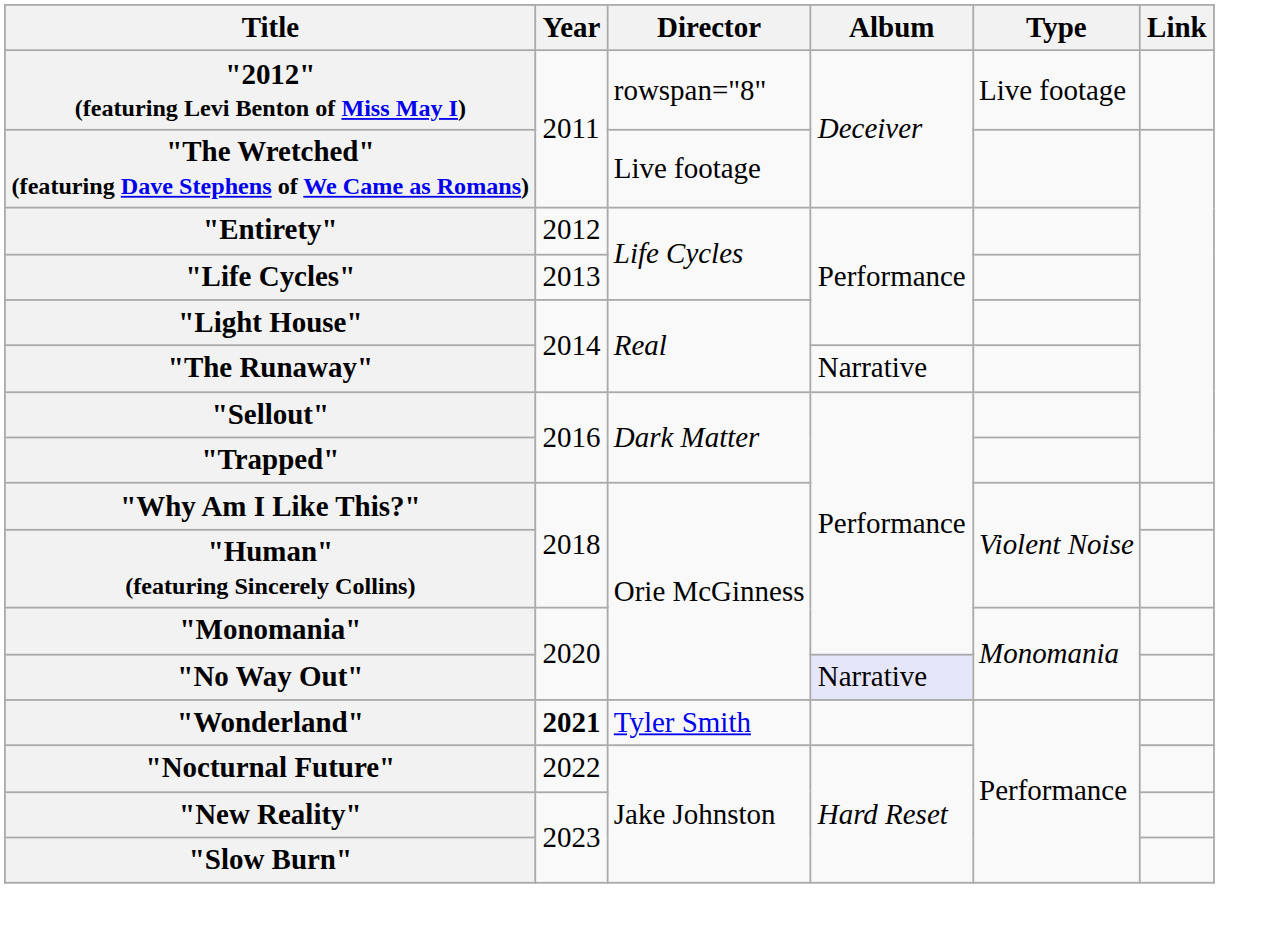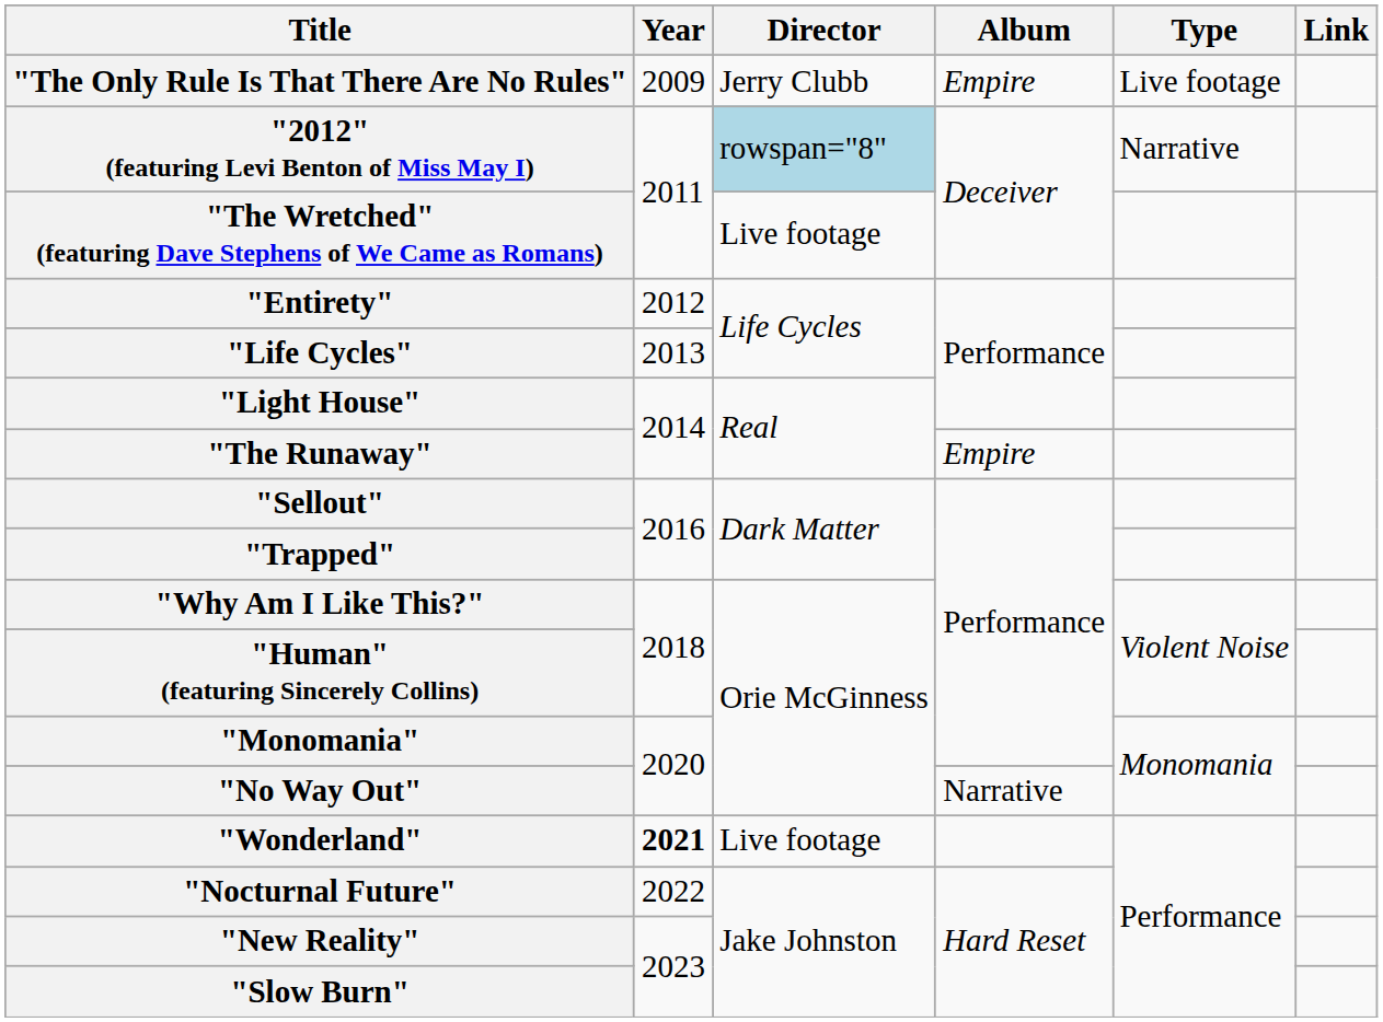 <table class="wikitable plainrowheaders">
 <tr>
 <th>Title</th>
 <th>Year</th>
 <th>Director</th>
 <th>Album</th>
 <th>Type</th>
 <th>Link</th>
 </tr>
 <tr>
+<th scope="row">"The Only Rule Is That There Are No Rules"</th>
+<td>2009</td>
+<td>Jerry Clubb</td>
+<td><em>Empire</em></td>
+<td>Live footage</td>
+<td></td>
+</tr>
+<tr>
 <th scope="row">"2012"<br><small>(featuring Levi Benton of <a href='#'>Miss May I</a>)</small></th>
 <td rowspan="2">2011</td>
-<td>rowspan="8" </td>
+<td style="background: lightblue;">rowspan="8" </td>
 <td rowspan="2"><em>Deceiver</em></td>
-<td>Live footage</td>
+<td>Narrative</td>
 <td></td>
 </tr>
 <tr>
 <th scope="row">"The Wretched"<br><small>(featuring <a href='#'>Dave Stephens</a> of <a href='#'>We Came as Romans</a>)</small></th>
 <td>Live footage</td>
 <td></td>
 </tr>
 <tr>
 <th scope="row">"Entirety"</th>
 <td>2012</td>
 <td rowspan="2"><em>Life Cycles</em></td>
 <td rowspan="3">Performance</td>
 <td></td>
 </tr>
 <tr>
 <th scope="row">"Life Cycles"</th>
 <td>2013</td>
 <td></td>
 </tr>
 <tr>
 <th scope="row">"Light House"</th>
 <td rowspan="2">2014</td>
 <td rowspan="2"><em>Real</em></td>
 <td></td>
 </tr>
 <tr>
 <th scope="row">"The Runaway"</th>
-<td>Narrative</td>
+<td><em>Empire</em></td>
 <td></td>
 </tr>
 <tr>
 <th scope="row">"Sellout"</th>
 <td rowspan="2">2016</td>
 <td rowspan="2"><em>Dark Matter</em></td>
 <td rowspan="5">Performance</td>
 <td></td>
 </tr>
 <tr>
 <th scope="row">"Trapped"</th>
 <td></td>
 </tr>
 <tr>
 <th scope="row">"Why Am I Like This?"</th>
 <td rowspan="2">2018</td>
 <td rowspan="4">Orie McGinness</td>
 <td rowspan="2"><em>Violent Noise</em></td>
 <td></td>
 </tr>
 <tr>
 <th scope="row">"Human"<br><small>(featuring Sincerely Collins)</small></th>
 <td></td>
 </tr>
 <tr>
 <th scope="row">"Monomania"</th>
 <td rowspan="2">2020</td>
 <td rowspan="2"><em>Monomania</em></td>
 <td></td>
 </tr>
 <tr>
 <th scope="row">"No Way Out"</th>
-<td style="background: lavender;">Narrative</td>
+<td>Narrative</td>
 <td></td>
 </tr>
 <tr>
 <th scope="row">"Wonderland"</th>
 <td><strong>2021</strong></td>
-<td><a href='#'>Tyler Smith</a></td>
+<td>Live footage</td>
 <td></td>
 <td rowspan="4">Performance</td>
 <td></td>
 </tr>
 <tr>
 <th scope="row">"Nocturnal Future"</th>
 <td>2022</td>
 <td rowspan="3">Jake Johnston</td>
 <td rowspan="3"><em>Hard Reset</em></td>
 <td></td>
 </tr>
 <tr>
 <th scope="row">"New Reality"</th>
 <td rowspan="2">2023</td>
 <td></td>
 </tr>
 <tr>
 <th scope="row">"Slow Burn"</th>
 <td></td>
 </tr>
 </table>
